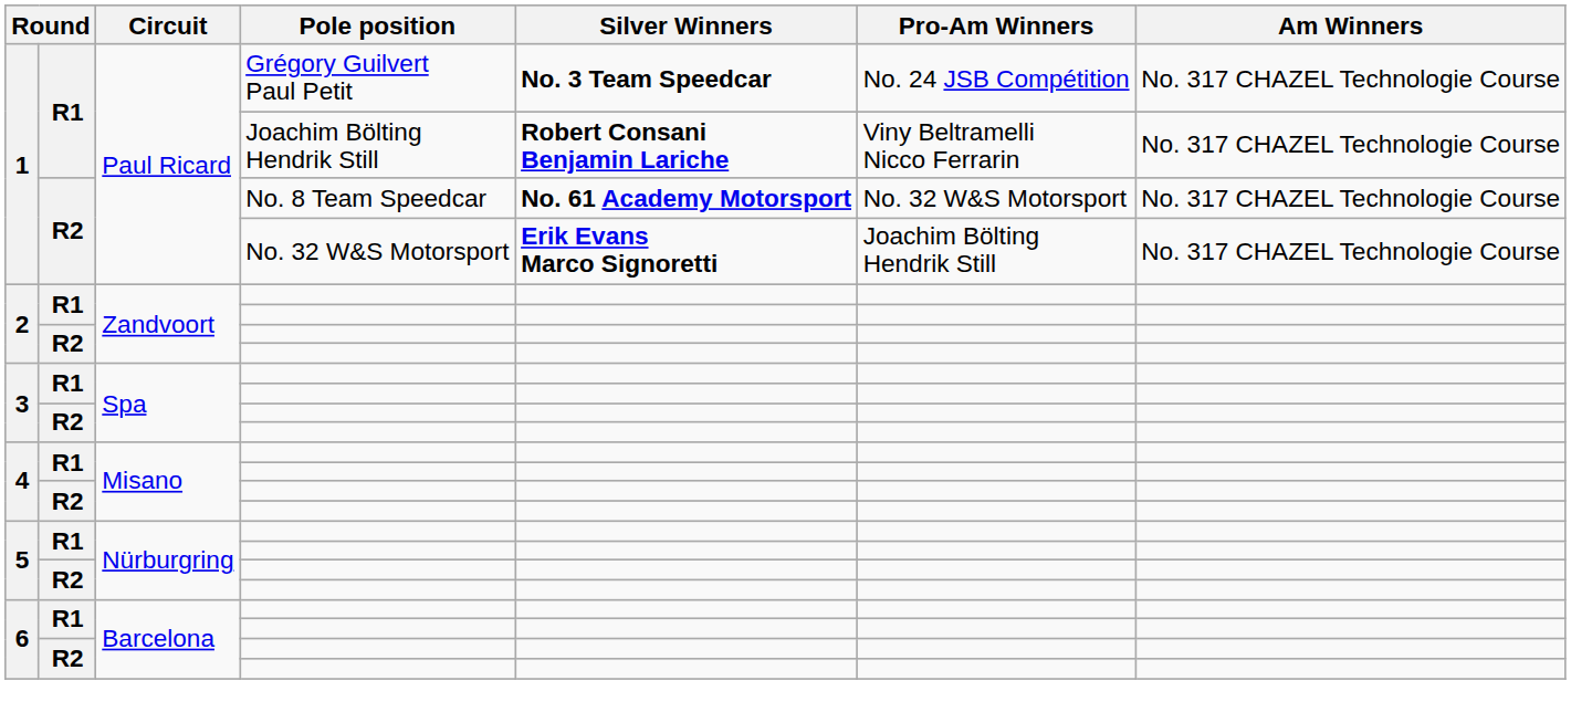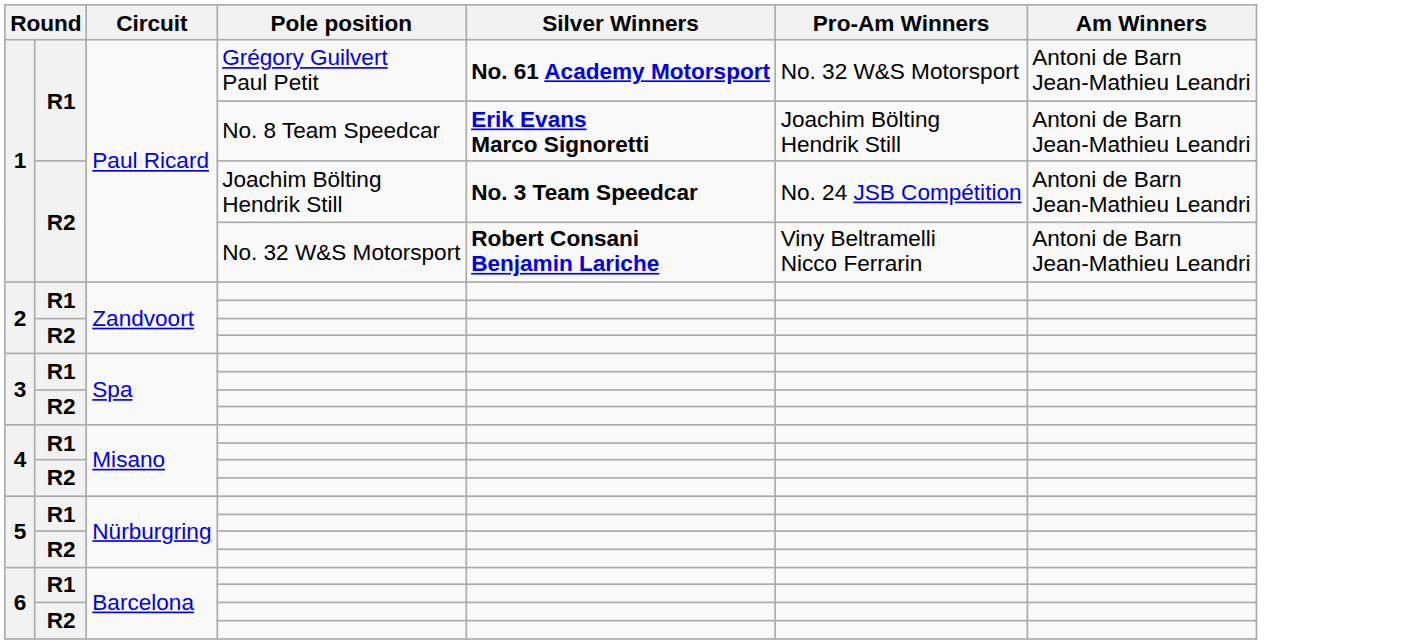 <table class="wikitable" style="font-size:85%;">
 <tr>
 <th colspan="2">Round</th>
 <th>Circuit</th>
 <th>Pole position</th>
 <th>Silver Winners</th>
 <th>Pro-Am Winners</th>
 <th>Am Winners</th>
 </tr>
 <tr>
 <th rowspan="4">1</th>
 <th rowspan="2">R1</th>
 <td rowspan="4"> <a href='#'>Paul Ricard</a></td>
 <td> <a href='#'>Grégory Guilvert</a><br> Paul Petit</td>
-<td><strong> No. 3 Team Speedcar</strong></td>
-<td> No. 24 <a href='#'>JSB Compétition</a></td>
-<td> No. 317 CHAZEL Technologie Course</td>
+<td><strong> No. 61 <a href='#'>Academy Motorsport</a></strong></td>
+<td> No. 32 W&S Motorsport</td>
+<td> Antoni de Barn<br> Jean-Mathieu Leandri</td>
 </tr>
 <tr>
+<td> No. 8 Team Speedcar</td>
+<td><strong> <a href='#'>Erik Evans</a><br> Marco Signoretti</strong></td>
 <td> Joachim Bölting<br> Hendrik Still</td>
-<td><strong> Robert Consani<br> <a href='#'>Benjamin Lariche</a></strong></td>
-<td> Viny Beltramelli<br> Nicco Ferrarin</td>
-<td> No. 317 CHAZEL Technologie Course</td>
+<td> Antoni de Barn<br> Jean-Mathieu Leandri</td>
 </tr>
 <tr>
 <th rowspan="2">R2</th>
-<td> No. 8 Team Speedcar</td>
-<td><strong> No. 61 <a href='#'>Academy Motorsport</a></strong></td>
-<td> No. 32 W&S Motorsport</td>
-<td> No. 317 CHAZEL Technologie Course</td>
+<td> Joachim Bölting<br> Hendrik Still</td>
+<td><strong> No. 3 Team Speedcar</strong></td>
+<td> No. 24 <a href='#'>JSB Compétition</a></td>
+<td> Antoni de Barn<br> Jean-Mathieu Leandri</td>
 </tr>
 <tr>
 <td> No. 32 W&S Motorsport</td>
-<td><strong> <a href='#'>Erik Evans</a><br> Marco Signoretti</strong></td>
-<td> Joachim Bölting<br> Hendrik Still</td>
-<td> No. 317 CHAZEL Technologie Course</td>
+<td><strong> Robert Consani<br> <a href='#'>Benjamin Lariche</a></strong></td>
+<td> Viny Beltramelli<br> Nicco Ferrarin</td>
+<td> Antoni de Barn<br> Jean-Mathieu Leandri</td>
 </tr>
 <tr>
 <th rowspan="4">2</th>
 <th rowspan="2">R1</th>
 <td rowspan="4"> <a href='#'>Zandvoort</a></td>
 <td></td>
 <td></td>
 <td></td>
 <td></td>
 </tr>
 <tr>
 <td></td>
 <td></td>
 <td></td>
 <td></td>
 </tr>
 <tr>
 <th rowspan="2">R2</th>
 <td></td>
 <td></td>
 <td></td>
 <td></td>
 </tr>
 <tr>
 <td></td>
 <td></td>
 <td></td>
 <td></td>
 </tr>
 <tr>
 <th rowspan="4">3</th>
 <th rowspan="2">R1</th>
 <td rowspan="4"> <a href='#'>Spa</a></td>
 <td></td>
 <td></td>
 <td></td>
 <td></td>
 </tr>
 <tr>
 <td></td>
 <td></td>
 <td></td>
 <td></td>
 </tr>
 <tr>
 <th rowspan="2">R2</th>
 <td></td>
 <td></td>
 <td></td>
 <td></td>
 </tr>
 <tr>
 <td></td>
 <td></td>
 <td></td>
 <td></td>
 </tr>
 <tr>
 <th rowspan="4">4</th>
 <th rowspan="2">R1</th>
 <td rowspan="4"> <a href='#'>Misano</a></td>
 <td></td>
 <td></td>
 <td></td>
 <td></td>
 </tr>
 <tr>
 <td></td>
 <td></td>
 <td></td>
 <td></td>
 </tr>
 <tr>
 <th rowspan="2">R2</th>
 <td></td>
 <td></td>
 <td></td>
 <td></td>
 </tr>
 <tr>
 <td></td>
 <td></td>
 <td></td>
 <td></td>
 </tr>
 <tr>
 <th rowspan="4">5</th>
 <th rowspan="2">R1</th>
 <td rowspan="4" nowrap> <a href='#'>Nürburgring</a></td>
 <td></td>
 <td></td>
 <td></td>
 <td></td>
 </tr>
 <tr>
 <td></td>
 <td></td>
 <td></td>
 <td></td>
 </tr>
 <tr>
 <th rowspan="2">R2</th>
 <td></td>
 <td></td>
 <td></td>
 <td></td>
 </tr>
 <tr>
 <td></td>
 <td></td>
 <td></td>
 <td></td>
 </tr>
 <tr>
 <th rowspan="4">6</th>
 <th rowspan="2">R1</th>
 <td rowspan="4"> <a href='#'>Barcelona</a></td>
 <td></td>
 <td></td>
 <td></td>
 <td></td>
 </tr>
 <tr>
 <td></td>
 <td></td>
 <td></td>
 <td></td>
 </tr>
 <tr>
 <th rowspan="2">R2</th>
 <td></td>
 <td></td>
 <td></td>
 <td></td>
 </tr>
 <tr>
 <td></td>
 <td></td>
 <td></td>
 <td></td>
 </tr>
 </table>
